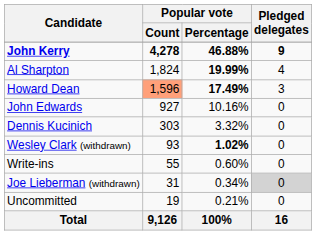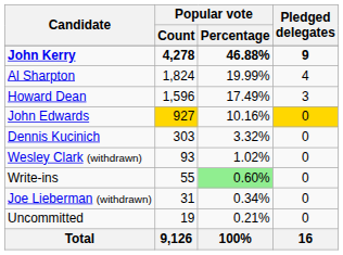 <table class="wikitable sortable plainrowheaders" style="text-align:right;">
 <tr>
 <th rowspan="2">Candidate</th>
 <th colspan="2">Popular vote</th>
 <th rowspan="2">Pledged<br>delegates</th>
 </tr>
 <tr>
 <th>Count</th>
 <th>Percentage</th>
 </tr>
 <tr>
 </tr>
 <tr>
 <td style="text-align:left;"><strong><a href='#'>John Kerry</a></strong></td>
 <td><strong>4,278</strong></td>
 <td><strong>46.88%</strong></td>
 <td style="text-align:center;"><strong>9</strong></td>
 </tr>
 <tr>
 <td style="text-align:left;"><a href='#'>Al Sharpton</a></td>
 <td>1,824</td>
-<td><strong>19.99%</strong></td>
+<td>19.99%</td>
 <td style="text-align:center;">4</td>
 </tr>
 <tr>
 <td style="text-align:left;"><a href='#'>Howard Dean</a></td>
-<td style="background: lightsalmon;">1,596</td>
-<td><strong>17.49%</strong></td>
+<td>1,596</td>
+<td>17.49%</td>
 <td style="text-align:center;">3</td>
 </tr>
 <tr>
 <td style="text-align:left;"><a href='#'>John Edwards</a></td>
-<td>927</td>
+<td style="background: gold;">927</td>
 <td>10.16%</td>
-<td style="text-align:center;">0</td>
+<td style="background: gold; text-align:center;">0</td>
 </tr>
 <tr>
 <td style="text-align:left;"><a href='#'>Dennis Kucinich</a></td>
 <td>303</td>
 <td>3.32%</td>
 <td style="text-align:center;">0</td>
 </tr>
 <tr>
 <td style="text-align:left;"><a href='#'>Wesley Clark</a> <small>(withdrawn)</small></td>
 <td>93</td>
-<td><strong>1.02%</strong></td>
+<td>1.02%</td>
 <td style="text-align:center;">0</td>
 </tr>
 <tr>
 <td style="text-align:left;">Write-ins</td>
 <td>55</td>
-<td>0.60%</td>
+<td style="background: lightgreen;">0.60%</td>
 <td style="text-align:center;">0</td>
 </tr>
 <tr>
 <td style="text-align:left;"><a href='#'>Joe Lieberman</a> <small>(withdrawn)</small></td>
 <td>31</td>
 <td>0.34%</td>
-<td style="background: lightgrey; text-align:center;">0</td>
+<td style="text-align:center;">0</td>
 </tr>
 <tr>
 <td style="text-align:left;">Uncommitted</td>
 <td>19</td>
 <td>0.21%</td>
 <td style="text-align:center;">0</td>
 </tr>
 <tr class="sortbottom">
 <th>Total</th>
 <th>9,126</th>
 <th>100%</th>
 <th>16</th>
 </tr>
 </table>
